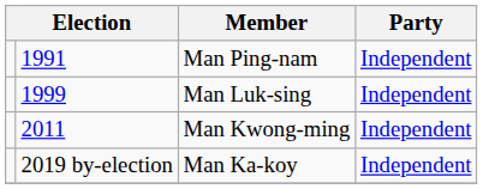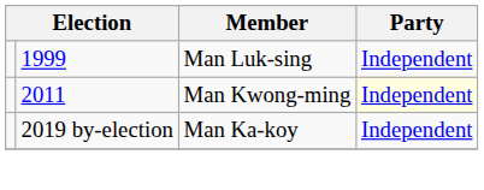 <table class="wikitable mw-collapsible mw-collapsed">
 <tr>
 <th colspan="2">Election</th>
 <th>Member</th>
 <th>Party</th>
-</tr>
-<tr>
-<td style="background-color: "></td>
-<td><a href='#'>1991</a></td>
-<td>Man Ping-nam</td>
-<td><a href='#'>Independent</a></td>
 </tr>
 <tr>
 <td style="background-color: "></td>
 <td><a href='#'>1999</a></td>
 <td>Man Luk-sing</td>
 <td><a href='#'>Independent</a></td>
 </tr>
 <tr>
 <td style="background-color: "></td>
 <td><a href='#'>2011</a></td>
 <td>Man Kwong-ming</td>
-<td><a href='#'>Independent</a></td>
+<td style="background: lightyellow;"><a href='#'>Independent</a></td>
 </tr>
 <tr>
 <td style="background-color: "></td>
 <td>2019 by-election</td>
 <td>Man Ka-koy</td>
 <td><a href='#'>Independent</a></td>
 </tr>
 <tr>
 </tr>
 </table>
